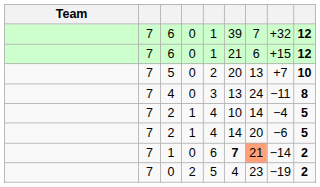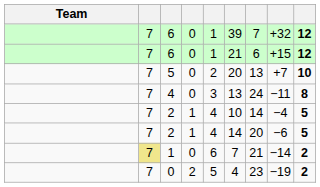 <table class="wikitable" style="text-align:center">
 <tr>
 <th width=165>Team</th>
 <th width=20></th>
 <th width=20></th>
 <th width=20></th>
 <th width=20></th>
 <th width=20></th>
 <th width=20></th>
 <th width=20></th>
 <th width=20></th>
 </tr>
 <tr style="text-align:center; background:#cfc;">
 <td align=left></td>
 <td>7</td>
 <td>6</td>
 <td>0</td>
 <td>1</td>
 <td>39</td>
 <td>7</td>
 <td>+32</td>
 <td><strong>12</strong></td>
 </tr>
 <tr style="text-align:center; background:#cfc;">
 <td align=left></td>
 <td>7</td>
 <td>6</td>
 <td>0</td>
 <td>1</td>
 <td>21</td>
 <td>6</td>
 <td>+15</td>
 <td><strong>12</strong></td>
 </tr>
 <tr align=center>
 <td align=left></td>
 <td>7</td>
 <td>5</td>
 <td>0</td>
 <td>2</td>
 <td>20</td>
 <td>13</td>
 <td>+7</td>
 <td><strong>10</strong></td>
 </tr>
 <tr align=center>
 <td align=left></td>
 <td>7</td>
 <td>4</td>
 <td>0</td>
 <td>3</td>
 <td>13</td>
 <td>24</td>
 <td>−11</td>
 <td><strong>8</strong></td>
 </tr>
 <tr align=center>
 <td align=left></td>
 <td>7</td>
 <td>2</td>
 <td>1</td>
 <td>4</td>
 <td>10</td>
 <td>14</td>
 <td>−4</td>
 <td><strong>5</strong></td>
 </tr>
 <tr align=center>
 <td align=left></td>
 <td>7</td>
 <td>2</td>
 <td>1</td>
 <td>4</td>
 <td>14</td>
 <td>20</td>
 <td>−6</td>
 <td><strong>5</strong></td>
 </tr>
 <tr align=center>
 <td align=left></td>
-<td>7</td>
+<td style="background: khaki;">7</td>
 <td>1</td>
 <td>0</td>
 <td>6</td>
-<td><strong>7</strong></td>
-<td style="background: lightsalmon;">21</td>
+<td>7</td>
+<td>21</td>
 <td>−14</td>
 <td><strong>2</strong></td>
 </tr>
 <tr align=center>
 <td align=left></td>
 <td>7</td>
 <td>0</td>
 <td>2</td>
 <td>5</td>
 <td>4</td>
 <td>23</td>
 <td>−19</td>
 <td><strong>2</strong></td>
 </tr>
 </table>
